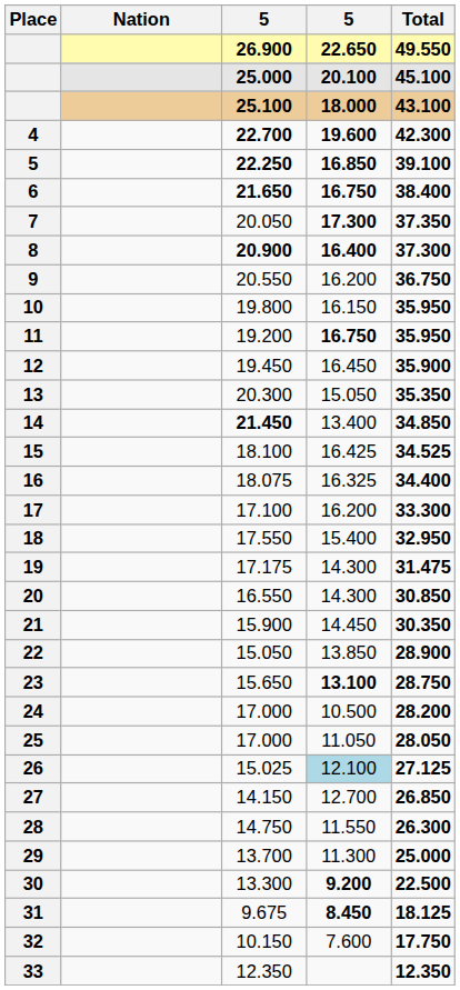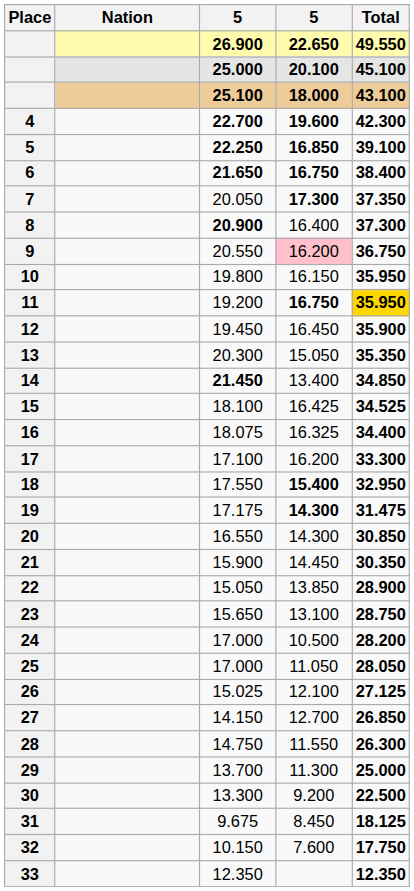 <table class="wikitable sortable" style="text-align:center; font-size:90%">
 <tr>
 <th scope="col" style="width:20px;">Place</th>
 <th scope="col" style="width:120px;">Nation</th>
 <th scope="col" style="width:60px;">5 </th>
 <th scope="col" style="width:60px;">5 </th>
 <th scope="col">Total</th>
 </tr>
 <tr bgcolor="fffcaf">
 <th scope="row"></th>
 <td align="left"></td>
 <td><strong>26.900</strong></td>
 <td><strong>22.650</strong></td>
 <td><strong>49.550</strong></td>
 </tr>
 <tr bgcolor="e5e5e5">
 <th scope="row"></th>
 <td align="left"></td>
 <td><strong>25.000</strong></td>
 <td><strong>20.100</strong></td>
 <td><strong>45.100</strong></td>
 </tr>
 <tr bgcolor="eecc99">
 <th scope="row"></th>
 <td align="left"></td>
 <td><strong>25.100</strong></td>
 <td><strong>18.000</strong></td>
 <td><strong>43.100</strong></td>
 </tr>
 <tr>
 <th scope="row">4</th>
 <td align="left"></td>
 <td><strong>22.700</strong></td>
 <td><strong>19.600</strong></td>
 <td><strong>42.300</strong></td>
 </tr>
 <tr>
 <th scope="row">5</th>
 <td align="left"></td>
 <td><strong>22.250</strong></td>
 <td><strong>16.850</strong></td>
 <td><strong>39.100</strong></td>
 </tr>
 <tr>
 <th scope="row">6</th>
 <td align="left"></td>
 <td><strong>21.650</strong></td>
 <td><strong>16.750</strong></td>
 <td><strong>38.400</strong></td>
 </tr>
 <tr>
 <th scope="row">7</th>
 <td align="left"></td>
 <td>20.050</td>
 <td><strong>17.300</strong></td>
 <td><strong>37.350</strong></td>
 </tr>
 <tr>
 <th scope="row">8</th>
 <td align="left"></td>
 <td><strong>20.900</strong></td>
-<td><strong>16.400</strong></td>
+<td>16.400</td>
 <td><strong>37.300</strong></td>
 </tr>
 <tr>
 <th scope="row">9</th>
 <td align="left"></td>
 <td>20.550</td>
-<td>16.200</td>
+<td style="background: pink;">16.200</td>
 <td><strong>36.750</strong></td>
 </tr>
 <tr>
 <th scope="row">10</th>
 <td align="left"></td>
 <td>19.800</td>
 <td>16.150</td>
 <td><strong>35.950</strong></td>
 </tr>
 <tr>
 <th scope="row">11</th>
 <td align="left"></td>
 <td>19.200</td>
 <td><strong>16.750</strong></td>
-<td><strong>35.950</strong></td>
+<td style="background: gold;"><strong>35.950</strong></td>
 </tr>
 <tr>
 <th scope="row">12</th>
 <td align="left"></td>
 <td>19.450</td>
 <td>16.450</td>
 <td><strong>35.900</strong></td>
 </tr>
 <tr>
 <th scope="row">13</th>
 <td align="left"></td>
 <td>20.300</td>
 <td>15.050</td>
 <td><strong>35.350</strong></td>
 </tr>
 <tr>
 <th scope="row">14</th>
 <td align="left"></td>
 <td><strong>21.450</strong></td>
 <td>13.400</td>
 <td><strong>34.850</strong></td>
 </tr>
 <tr>
 <th scope="row">15</th>
 <td align="left"></td>
 <td>18.100</td>
 <td>16.425</td>
 <td><strong>34.525</strong></td>
 </tr>
 <tr>
 <th scope="row">16</th>
 <td align="left"></td>
 <td>18.075</td>
 <td>16.325</td>
 <td><strong>34.400</strong></td>
 </tr>
 <tr>
 <th scope="row">17</th>
 <td align="left"></td>
 <td>17.100</td>
 <td>16.200</td>
 <td><strong>33.300</strong></td>
 </tr>
 <tr>
 <th scope="row">18</th>
 <td align="left"></td>
 <td>17.550</td>
-<td>15.400</td>
+<td><strong>15.400</strong></td>
 <td><strong>32.950</strong></td>
 </tr>
 <tr>
 <th scope="row">19</th>
 <td align="left"></td>
 <td>17.175</td>
-<td>14.300</td>
+<td><strong>14.300</strong></td>
 <td><strong>31.475</strong></td>
 </tr>
 <tr>
 <th scope="row">20</th>
 <td align="left"></td>
 <td>16.550</td>
 <td>14.300</td>
 <td><strong>30.850</strong></td>
 </tr>
 <tr>
 <th scope="row">21</th>
 <td align="left"></td>
 <td>15.900</td>
 <td>14.450</td>
 <td><strong>30.350</strong></td>
 </tr>
 <tr>
 <th scope="row">22</th>
 <td align="left"></td>
 <td>15.050</td>
 <td>13.850</td>
 <td><strong>28.900</strong></td>
 </tr>
 <tr>
 <th scope="row">23</th>
 <td align="left"></td>
 <td>15.650</td>
-<td><strong>13.100</strong></td>
+<td>13.100</td>
 <td><strong>28.750</strong></td>
 </tr>
 <tr>
 <th scope="row">24</th>
 <td align="left"></td>
 <td>17.000</td>
 <td>10.500</td>
 <td><strong>28.200</strong></td>
 </tr>
 <tr>
 <th scope="row">25</th>
 <td align="left"></td>
 <td>17.000</td>
 <td>11.050</td>
 <td><strong>28.050</strong></td>
 </tr>
 <tr>
 <th scope="row">26</th>
 <td align="left"></td>
 <td>15.025</td>
-<td style="background: lightblue;">12.100</td>
+<td>12.100</td>
 <td><strong>27.125</strong></td>
 </tr>
 <tr>
 <th scope="row">27</th>
 <td align="left"></td>
 <td>14.150</td>
 <td>12.700</td>
 <td><strong>26.850</strong></td>
 </tr>
 <tr>
 <th scope="row">28</th>
 <td align="left"></td>
 <td>14.750</td>
 <td>11.550</td>
 <td><strong>26.300</strong></td>
 </tr>
 <tr>
 <th scope="row">29</th>
 <td align="left"></td>
 <td>13.700</td>
 <td>11.300</td>
 <td><strong>25.000</strong></td>
 </tr>
 <tr>
 <th scope="row">30</th>
 <td align="left"></td>
 <td>13.300</td>
-<td><strong>9.200</strong></td>
+<td>9.200</td>
 <td><strong>22.500</strong></td>
 </tr>
 <tr>
 <th scope="row">31</th>
 <td align="left"></td>
 <td>9.675</td>
-<td><strong>8.450</strong></td>
+<td>8.450</td>
 <td><strong>18.125</strong></td>
 </tr>
 <tr>
 <th scope="row">32</th>
 <td align="left"></td>
 <td>10.150</td>
 <td>7.600</td>
 <td><strong>17.750</strong></td>
 </tr>
 <tr>
 <th scope="row">33</th>
 <td align="left"></td>
 <td>12.350</td>
 <td></td>
 <td><strong>12.350</strong></td>
 </tr>
 <tr>
 </tr>
 </table>
